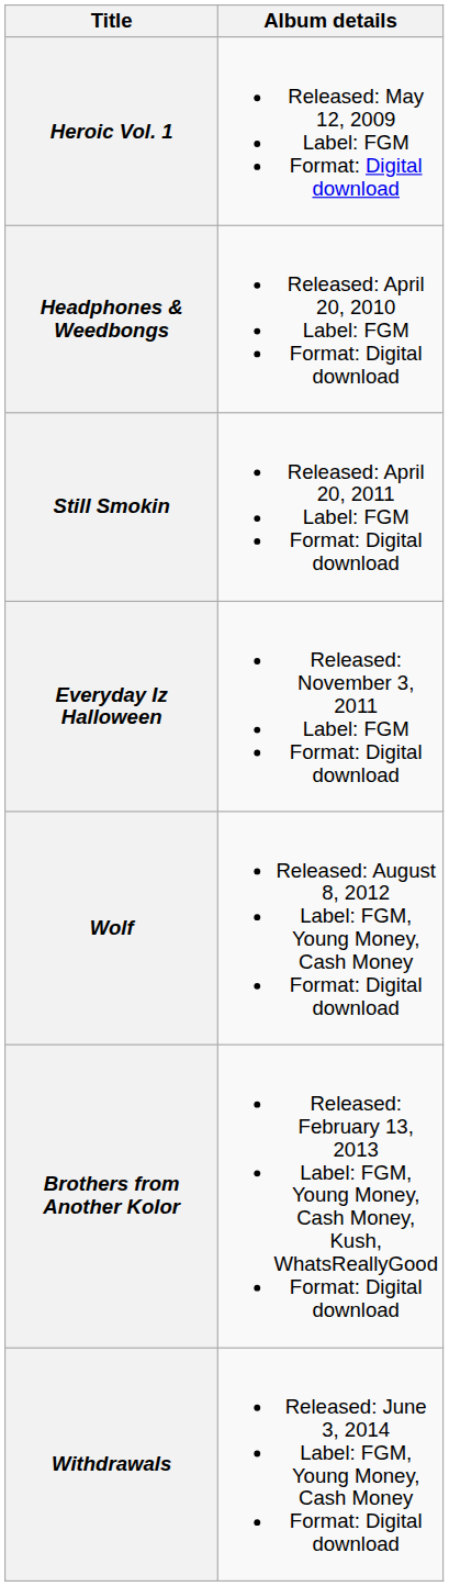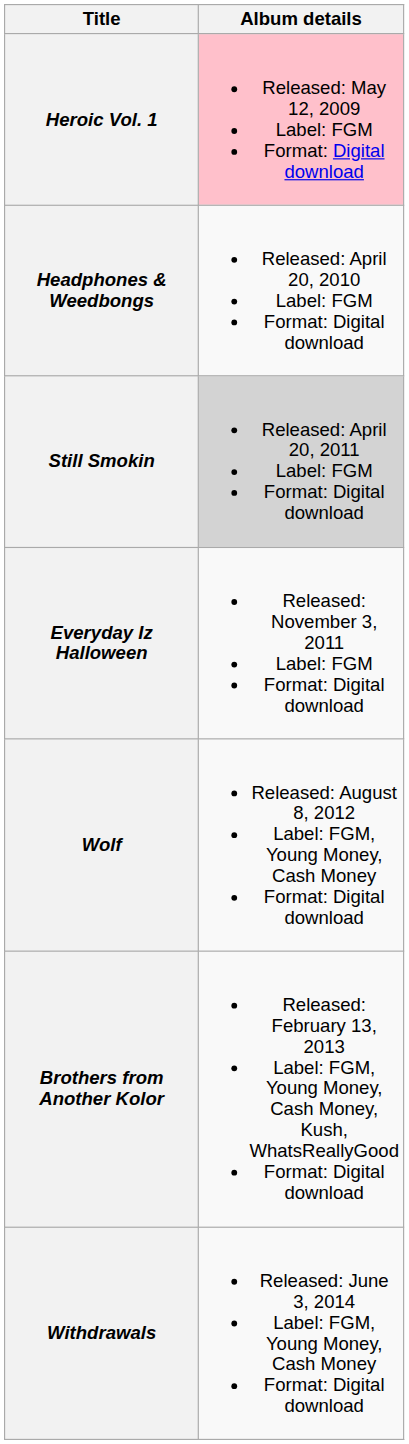 <table class="wikitable plainrowheaders" style="text-align:center;" border="1">
 <tr>
 <th scope="col" style="width:10em;">Title</th>
 <th scope="col" style="width:10em;">Album details</th>
 </tr>
 <tr>
 <th scope="row"><em>Heroic Vol. 1</em></th>
-<td><br><ul><li>Released: May 12, 2009</li><li>Label: FGM</li><li>Format: <a href='#'>Digital download</a></li></ul></td>
+<td style="background: pink;"><br><ul><li>Released: May 12, 2009</li><li>Label: FGM</li><li>Format: <a href='#'>Digital download</a></li></ul></td>
 </tr>
 <tr>
 <th scope="row"><em>Headphones & Weedbongs</em><br></th>
 <td><br><ul><li>Released: April 20, 2010</li><li>Label: FGM</li><li>Format: Digital download</li></ul></td>
 </tr>
 <tr>
 <th scope="row"><em>Still Smokin</em><br></th>
-<td><br><ul><li>Released: April 20, 2011</li><li>Label: FGM</li><li>Format: Digital download</li></ul></td>
+<td style="background: lightgrey;"><br><ul><li>Released: April 20, 2011</li><li>Label: FGM</li><li>Format: Digital download</li></ul></td>
 </tr>
 <tr>
 <th scope="row"><em>Everyday Iz Halloween</em><br></th>
 <td><br><ul><li>Released: November 3, 2011</li><li>Label: FGM</li><li>Format: Digital download</li></ul></td>
 </tr>
 <tr>
 <th scope="row"><em>Wolf</em></th>
 <td><br><ul><li>Released: August 8, 2012</li><li>Label: FGM, Young Money, Cash Money</li><li>Format: Digital download</li></ul></td>
 </tr>
 <tr>
 <th scope="row"><em>Brothers from Another Kolor</em><br></th>
 <td><br><ul><li>Released: February 13, 2013</li><li>Label: FGM, Young Money, Cash Money, Kush, WhatsReallyGood</li><li>Format: Digital download</li></ul></td>
 </tr>
 <tr>
 <th scope="row"><em>Withdrawals</em></th>
 <td><br><ul><li>Released: June 3, 2014</li><li>Label: FGM, Young Money, Cash Money</li><li>Format: Digital download</li></ul></td>
 </tr>
 <tr>
 </tr>
 </table>
